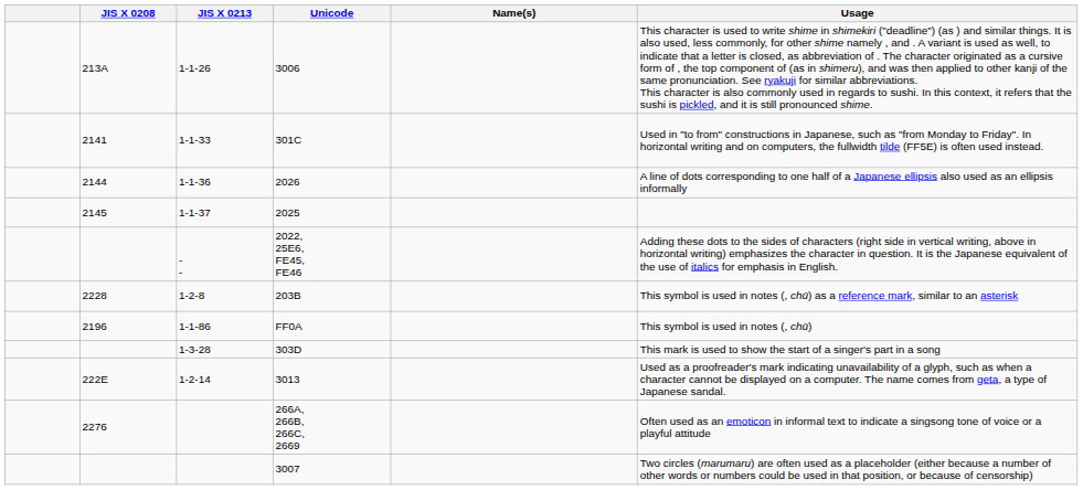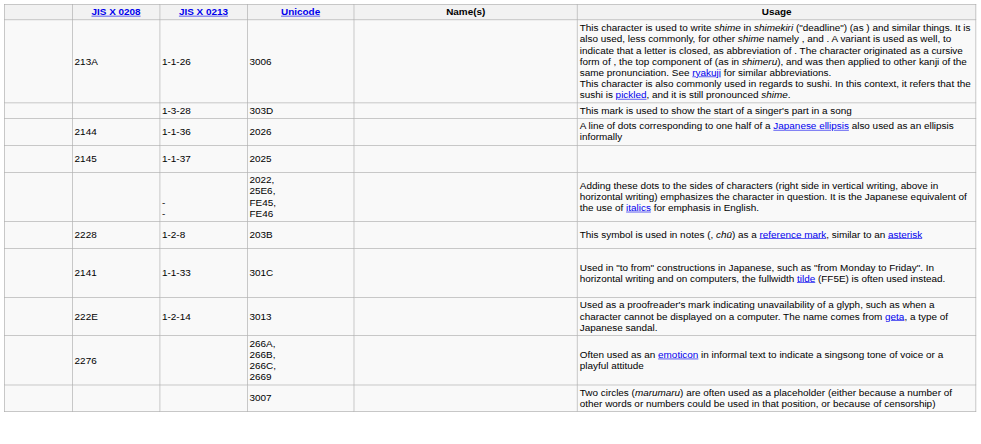 <table class="wikitable">
 <tr>
 <th style="width:7%"></th>
 <th style="width:9%"><a href='#'>JIS X 0208</a></th>
 <th style="width:9%"><a href='#'>JIS X 0213</a></th>
 <th style="width:11%"><a href='#'>Unicode</a></th>
 <th style="width:23%">Name(s)</th>
 <th style="width:41%">Usage</th>
 </tr>
 <tr>
 <td style="font-size: 2em;"></td>
 <td>213A</td>
 <td>1-1-26</td>
 <td>3006</td>
 <td><br></td>
 <td>This character is used to write  <em>shime</em> in  <em>shimekiri</em> ("deadline") (as ) and similar things. It is also used, less commonly, for other <em>shime</em> namely ,  and . A variant  is used as well, to indicate that a letter is closed, as abbreviation of . The character originated as a cursive form of , the top component of  (as in  <em>shimeru</em>), and was then applied to other kanji of the same pronunciation. See <a href='#'>ryakuji</a> for similar abbreviations.<br>This character is also commonly used in regards to sushi. In this context, it refers that the sushi is <a href='#'>pickled</a>, and it is still pronounced <em>shime</em>.</td>
 </tr>
 <tr>
 <td style="font-size: 2em;"></td>
-<td>2141</td>
-<td>1-1-33</td>
-<td>301C</td>
-<td><br><br> <br> <br> </td>
-<td>Used in "to from" constructions in Japanese, such as  "from Monday to Friday". In horizontal writing and on computers, the fullwidth <a href='#'>tilde</a>  (FF5E) is often used instead.</td>
+<td></td>
+<td>1-3-28</td>
+<td>303D</td>
+<td><br></td>
+<td>This mark is used to show the start of a singer's part in a song</td>
 </tr>
 <tr>
 <td style="font-size: 2em;"></td>
 <td>2144</td>
 <td>1-1-36</td>
 <td>2026</td>
 <td><br><br> </td>
 <td>A line of dots corresponding to one half of a <a href='#'>Japanese ellipsis</a> also used as an ellipsis informally</td>
 </tr>
 <tr>
 <td style="font-size: 2em;"></td>
 <td>2145</td>
 <td>1-1-37</td>
 <td>2025</td>
 <td><br><br> </td>
 <td></td>
 </tr>
 <tr>
 <td style="font-size: 2em;"></td>
 <td></td>
 <td><br>  <br>-<br>-</td>
 <td>2022,<br> 25E6,<br> FE45,<br> FE46</td>
 <td><br><br> <br> <br> </td>
 <td>Adding these dots to the sides of characters (right side in vertical writing, above in horizontal writing) emphasizes the character in question. It is the Japanese equivalent of the use of <a href='#'>italics</a> for emphasis in English.</td>
 </tr>
 <tr id="※">
 <td style="font-size: 2em;"></td>
 <td>2228</td>
 <td>1-2-8</td>
 <td>203B</td>
 <td><br><br> </td>
 <td>This symbol is used in notes (, <em>chū</em>) as a <a href='#'>reference mark</a>, similar to an <a href='#'>asterisk</a></td>
 </tr>
 <tr>
 <td style="font-size: 2em;"></td>
-<td>2196</td>
-<td>1-1-86</td>
-<td>FF0A</td>
-<td><br><br> </td>
-<td>This symbol is used in notes (, <em>chū</em>)</td>
-</tr>
-<tr>
-<td style="font-size: 2em;"></td>
-<td></td>
-<td>1-3-28</td>
-<td>303D</td>
-<td><br></td>
-<td>This mark is used to show the start of a singer's part in a song</td>
+<td>2141</td>
+<td>1-1-33</td>
+<td>301C</td>
+<td><br><br> <br> <br> </td>
+<td>Used in "to from" constructions in Japanese, such as  "from Monday to Friday". In horizontal writing and on computers, the fullwidth <a href='#'>tilde</a>  (FF5E) is often used instead.</td>
 </tr>
 <tr>
 <td style="font-size: 2em;"></td>
 <td>222E</td>
 <td>1-2-14</td>
 <td>3013</td>
 <td><br></td>
 <td>Used as a proofreader's mark indicating unavailability of a glyph, such as when a character cannot be displayed on a computer. The name comes from <a href='#'>geta</a>, a type of Japanese sandal.</td>
 </tr>
 <tr>
 <td style="font-size: 2em;"></td>
 <td>2276</td>
 <td><br> <br> <br> </td>
 <td>266A,<br> 266B,<br> 266C,<br> 2669</td>
 <td><br></td>
 <td>Often used as an <a href='#'>emoticon</a> in informal text to indicate a singsong tone of voice or a playful attitude</td>
 </tr>
 <tr>
 <td style="font-size: 2em;"></td>
 <td></td>
 <td></td>
 <td>3007</td>
 <td><br></td>
 <td>Two circles (<em>marumaru</em>) are often used as a placeholder (either because a number of other words or numbers could be used in that position, or because of censorship)</td>
 </tr>
 </table>
